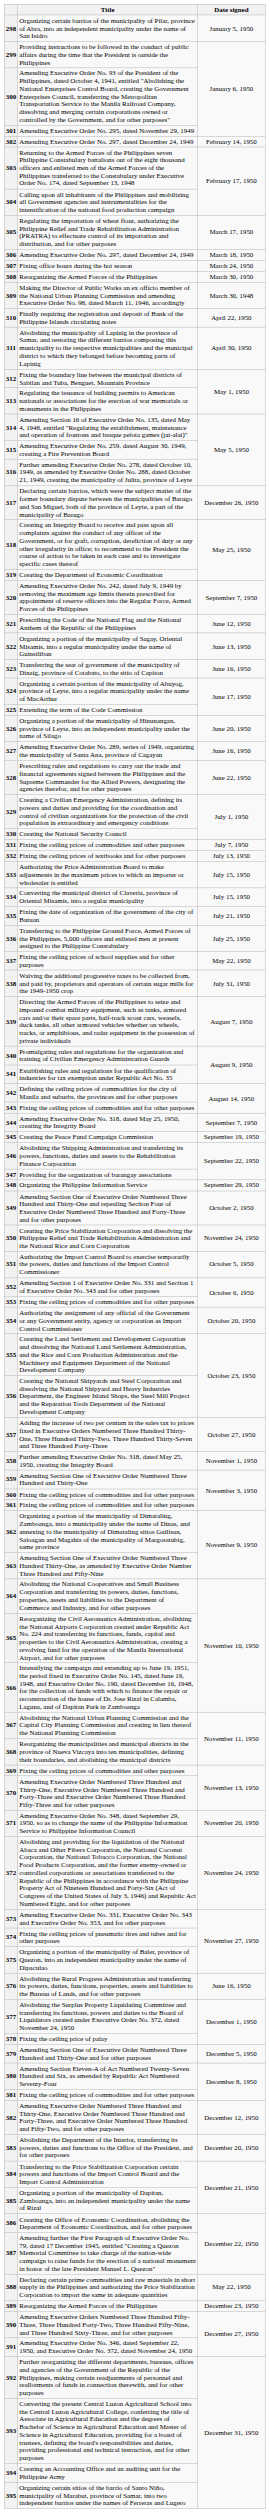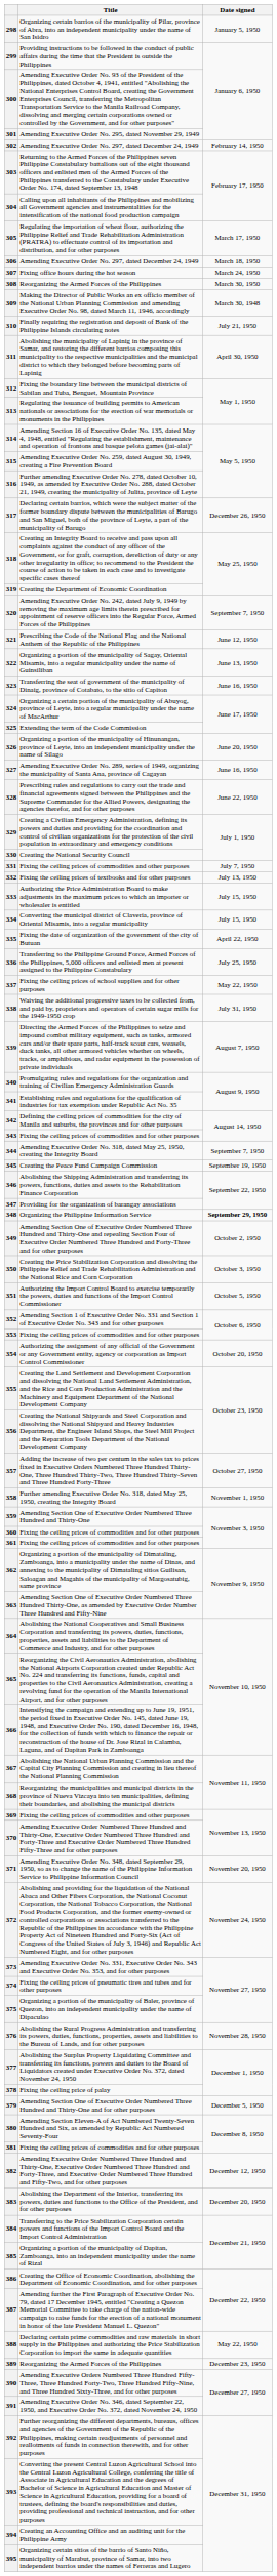 <table class="wikitable sortable" style="text-align:center;">
 <tr>
 <th scope="col"></th>
 <th scope="col">Title</th>
 <th scope="col" width="150px">Date signed</th>
 </tr>
 <tr>
 <th scope="row">298</th>
 <td style="text-align:left;">Organizing certain barrios of the municipality of Pilar, province of Abra, into an independent municipality under the name of San Isidro</td>
 <td>January 5, 1950</td>
 </tr>
 <tr>
 <th scope="row">299</th>
 <td style="text-align:left;">Providing instructions to be followed in the conduct of public affairs during the time that the President is outside the Philippines</td>
 <td rowspan="3">January 6, 1950</td>
 </tr>
 <tr>
 <th scope="row">300</th>
 <td style="text-align:left;">Amending Executive Order No. 93 of the President of the Philippines, dated October 4, 1941, entitled "Abolishing the National Enterprises Control Board, creating the Government Enterprises Council, transferring the Metropolitan Transportation Service to the Manila Railroad Company, dissolving and merging certain corporations owned or controlled by the Government, and for other purposes"</td>
 </tr>
 <tr>
 <th scope="row">301</th>
 <td style="text-align:left;">Amending Executive Order No. 295, dated November 29, 1949</td>
 </tr>
 <tr>
 <th scope="row">302</th>
 <td style="text-align:left;">Amending Executive Order No. 297, dated December 24, 1949</td>
 <td>February 14, 1950</td>
 </tr>
 <tr>
 <th scope="row">303</th>
 <td style="text-align:left;">Returning to the Armed Forces of the Philippines seven Philippine Constabulary battalions out of the eight thousand officers and enlisted men of the Armed Forces of the Philippines transferred to the Constabulary under Executive Order No. 174, dated September 13, 1948</td>
 <td rowspan="2">February 17, 1950</td>
 </tr>
 <tr>
 <th scope="row">304</th>
 <td style="text-align:left;">Calling upon all inhabitants of the Philippines and mobilizing all Government agencies and instrumentalities for the intensification of the national food production campaign</td>
 </tr>
 <tr>
 <th scope="row">305</th>
 <td style="text-align:left;">Regulating the importation of wheat flour, authorizing the Philippine Relief and Trade Rehabilitation Administration (PRATRA) to effectuate control of its importation and distribution, and for other purposes</td>
 <td>March 17, 1950</td>
 </tr>
 <tr>
 <th scope="row">306</th>
 <td style="text-align:left;">Amending Executive Order No. 297, dated December 24, 1949</td>
 <td>March 18, 1950</td>
 </tr>
 <tr>
 <th scope="row">307</th>
 <td style="text-align:left;">Fixing office hours during the hot season</td>
 <td>March 24, 1950</td>
 </tr>
 <tr>
 <th scope="row">308</th>
 <td style="text-align:left;">Reorganizing the Armed Forces of the Philippines</td>
 <td>March 30, 1950</td>
 </tr>
 <tr>
 <th scope="row">309</th>
 <td style="text-align:left;">Making the Director of Public Works an ex officio member of the National Urban Planning Commission and amending Executive Order No. 98, dated March 11, 1946, accordingly</td>
 <td>March 30, 1948</td>
 </tr>
 <tr>
 <th scope="row">310</th>
 <td style="text-align:left;">Finally requiring the registration and deposit of Bank of the Philippine Islands circulating notes</td>
-<td>April 22, 1950</td>
+<td>July 21, 1950</td>
 </tr>
 <tr>
 <th scope="row">311</th>
 <td style="text-align:left;">Abolishing the municipality of Lapinig in the province of Samar, and restoring the different barrios composing this municipality to the respective municipalities and the municipal district to which they belonged before becoming parts of Lapinig</td>
 <td>April 30, 1950</td>
 </tr>
 <tr>
 <th scope="row">312</th>
 <td style="text-align:left;">Fixing the boundary line between the municipal districts of Sabilan and Tuba, Benguet, Mountain Province</td>
 <td rowspan="2">May 1, 1950</td>
 </tr>
 <tr>
 <th scope="row">313</th>
 <td style="text-align:left;">Regulating the issuance of building permits to American nationals or associations for the erection of war memorials or monuments in the Philippines</td>
 </tr>
 <tr>
 <th scope="row">314</th>
 <td style="text-align:left;">Amending Section 16 of Executive Order No. 135, dated May 4, 1948, entitled "Regulating the establishment, maintenance and operation of frontons and basque pelota games (jai-alai)"</td>
 <td rowspan="3">May 5, 1950</td>
 </tr>
 <tr>
 <th scope="row">315</th>
 <td style="text-align:left;">Amending Executive Order No. 259, dated August 30, 1949, creating a Fire Prevention Board</td>
 </tr>
 <tr>
 <th scope="row">316</th>
 <td style="text-align:left;">Further amending Executive Order No. 278, dated October 10, 1949, as amended by Executive Order No. 288, dated October 21, 1949, creating the municipality of Julita, province of Leyte</td>
 </tr>
 <tr>
 <th scope="row">317</th>
 <td style="text-align:left;">Declaring certain barrios, which were the subject matter of the former boundary dispute between the municipalities of Barugo and San Miguel, both of the province of Leyte, a part of the municipality of Barugo</td>
 <td>December 26, 1950</td>
 </tr>
 <tr>
 <th scope="row">318</th>
 <td style="text-align:left;">Creating an Integrity Board to receive and pass upon all complaints against the conduct of any officer of the Government, or for graft, corruption, dereliction of duty or any other irregularity in office; to recommend to the President the course of action to be taken in each case and to investigate specific cases thereof</td>
 <td rowspan="2">May 25, 1950</td>
 </tr>
 <tr>
 <th scope="row">319</th>
 <td style="text-align:left;">Creating the Department of Economic Coordination</td>
 </tr>
 <tr>
 <th scope="row">320</th>
 <td style="text-align:left;">Amending Executive Order No. 242, dated July 9, 1949 by removing the maximum age limits therein prescribed for appointment of reserve officers into the Regular Force, Armed Forces of the Philippines</td>
 <td>September 7, 1950</td>
 </tr>
 <tr>
 <th scope="row">321</th>
 <td style="text-align:left;">Prescribing the Code of the National Flag and the National Anthem of the Republic of the Philippines</td>
 <td>June 12, 1950</td>
 </tr>
 <tr>
 <th scope="row">322</th>
 <td style="text-align:left;">Organizing a portion of the municipality of Sagay, Oriental Misamis, into a regular municipality under the name of Guinsiliban</td>
 <td>June 13, 1950</td>
 </tr>
 <tr>
 <th scope="row">323</th>
 <td style="text-align:left;">Transferring the seat of government of the municipality of Dinaig, province of Cotabato, to the sitio of Capiton</td>
 <td>June 16, 1950</td>
 </tr>
 <tr>
 <th scope="row">324</th>
 <td style="text-align:left;">Organizing a certain portion of the municipality of Abuyog, province of Leyte, into a regular municipality under the name of MacArthur</td>
 <td rowspan="2">June 17, 1950</td>
 </tr>
 <tr>
 <th scope="row">325</th>
 <td style="text-align:left;">Extending the term of the Code Commission</td>
 </tr>
 <tr>
 <th scope="row">326</th>
 <td style="text-align:left;">Organizing a portion of the municipality of Hinunangan, province of Leyte, into an independent municipality under the name of Silago</td>
 <td>June 20, 1950</td>
 </tr>
 <tr>
 <th scope="row">327</th>
 <td style="text-align:left;">Amending Executive Order No. 289, series of 1949, organizing the municipality of Santa Ana, province of Cagayan</td>
 <td>June 16, 1950</td>
 </tr>
 <tr>
 <th scope="row">328</th>
 <td style="text-align:left;">Prescribing rules and regulations to carry out the trade and financial agreements signed between the Philippines and the Supreme Commander for the Allied Powers, designating the agencies therefor, and for other purposes</td>
 <td>June 22, 1950</td>
 </tr>
 <tr>
 <th scope="row">329</th>
 <td style="text-align:left;">Creating a Civilian Emergency Administration, defining its powers and duties and providing for the coordination and control of civilian organizations for the protection of the civil population in extraordinary and emergency conditions</td>
 <td rowspan="2">July 1, 1950</td>
 </tr>
 <tr>
 <th scope="row">330</th>
 <td style="text-align:left;">Creating the National Security Council</td>
 </tr>
 <tr>
 <th scope="row">331</th>
 <td style="text-align:left;">Fixing the ceiling prices of commodities and other purposes</td>
 <td>July 7, 1950</td>
 </tr>
 <tr>
 <th scope="row">332</th>
 <td style="text-align:left;">Fixing the ceiling prices of textbooks and for other purposes</td>
 <td>July 13, 1950</td>
 </tr>
 <tr>
 <th scope="row">333</th>
 <td style="text-align:left;">Authorizing the Price Administration Board to make adjustments in the maximum prices to which an importer or wholesaler is entitled</td>
 <td>July 15, 1950</td>
 </tr>
 <tr>
 <th scope="row">334</th>
 <td style="text-align:left;">Converting the municipal district of Claveria, province of Oriental Misamis, into a regular municipality</td>
 <td>July 15, 1950</td>
 </tr>
 <tr>
 <th scope="row">335</th>
 <td style="text-align:left;">Fixing the date of organization of the government of the city of Butuan</td>
-<td>July 21, 1950</td>
+<td>April 22, 1950</td>
 </tr>
 <tr>
 <th scope="row">336</th>
 <td style="text-align:left;">Transferring to the Philippine Ground Force, Armed Forces of the Philippines, 5,000 officers and enlisted men at present assigned to the Philippine Constabulary</td>
 <td>July 25, 1950</td>
 </tr>
 <tr>
 <th scope="row">337</th>
 <td style="text-align:left;">Fixing the ceiling prices of school supplies and for other purposes</td>
 <td>May 22, 1950</td>
 </tr>
 <tr>
 <th scope="row">338</th>
 <td style="text-align:left;">Waiving the additional progressive taxes to be collected from, and paid by, proprietors and operators of certain sugar mills for the 1949-1950 crop</td>
 <td>July 31, 1950</td>
 </tr>
 <tr>
 <th scope="row">339</th>
 <td style="text-align:left;">Directing the Armed Forces of the Philippines to seize and impound combat military equipment, such as tanks, armored cars and/or their spare parts, half-track scout cars, weasels, duck tanks, all other armored vehicles whether on wheels, tracks, or amphibious, and radar equipment in the possession of private individuals</td>
 <td>August 7, 1950</td>
 </tr>
 <tr>
 <th scope="row">340</th>
 <td style="text-align:left;">Promulgating rules and regulations for the organization and training of Civilian Emergency Administration Guards</td>
 <td rowspan="2">August 9, 1950</td>
 </tr>
 <tr>
 <th scope="row">341</th>
 <td style="text-align:left;">Establishing rules and regulations for the qualification of industries for tax exemption under Republic Act No. 35</td>
 </tr>
 <tr>
 <th scope="row">342</th>
 <td style="text-align:left;">Defining the ceiling prices of commodities for the city of Manila and suburbs, the provinces and for other purposes</td>
 <td rowspan="2">August 14, 1950</td>
 </tr>
 <tr>
 <th scope="row">343</th>
 <td style="text-align:left;">Fixing the ceiling prices of commodities and for other purposes</td>
 </tr>
 <tr>
 <th scope="row">344</th>
 <td style="text-align:left;">Amending Executive Order No. 318, dated May 25, 1950, creating the Integrity Board</td>
 <td>September 7, 1950</td>
 </tr>
 <tr>
 <th scope="row">345</th>
 <td style="text-align:left;">Creating the Peace Fund Campaign Commission</td>
 <td>September 19, 1950</td>
 </tr>
 <tr>
 <th scope="row">346</th>
 <td style="text-align:left;">Abolishing the Shipping Administration and transferring its powers, functions, duties and assets to the Rehabilitation Finance Corporation</td>
 <td rowspan="2">September 22, 1950</td>
 </tr>
 <tr>
 <th scope="row">347</th>
 <td style="text-align:left;">Providing for the organization of barangay associations</td>
 </tr>
 <tr>
 <th scope="row">348</th>
 <td style="text-align:left;">Organizing the Philippine Information Service</td>
-<td>September 29, 1950</td>
+<td><strong>September 29, 1950</strong></td>
 </tr>
 <tr>
 <th scope="row">349</th>
 <td style="text-align:left;">Amending Section One of Executive Order Numbered Three Hundred and Thirty-One and repealing Section Four of Executive Order Numbered Three Hundred and Forty-Three and for other purposes</td>
 <td>October 2, 1950</td>
 </tr>
 <tr>
 <th scope="row">350</th>
 <td style="text-align:left;">Creating the Price Stabilization Corporation and dissolving the Philippine Relief and Trade Rehabilitation Administration and the National Rice and Corn Corporation</td>
-<td>November 24, 1950</td>
+<td>October 3, 1950</td>
 </tr>
 <tr>
 <th scope="row">351</th>
 <td style="text-align:left;">Authorizing the Import Control Board to exercise temporarily the powers, duties and functions of the Import Control Commissioner</td>
 <td>October 5, 1950</td>
 </tr>
 <tr>
 <th scope="row">352</th>
 <td style="text-align:left;">Amending Section 1 of Executive Order No. 331 and Section 1 of Executive Order No. 343 and for other purposes</td>
 <td rowspan="2">October 6, 1950</td>
 </tr>
 <tr>
 <th scope="row">353</th>
 <td style="text-align:left;">Fixing the ceiling prices of commodities and for other purposes</td>
 </tr>
 <tr>
 <th scope="row">354</th>
 <td style="text-align:left;">Authorizing the assignment of any official of the Government or any Government entity, agency or corporation as Import Control Commissioner</td>
 <td>October 20, 1950</td>
 </tr>
 <tr>
 <th scope="row">355</th>
 <td style="text-align:left;">Creating the Land Settlement and Development Corporation and dissolving the National Land Settlement Administration, and the Rice and Corn Production Administration and the Machinery and Equipment Department of the National Development Company</td>
 <td rowspan="2">October 23, 1950</td>
 </tr>
 <tr>
 <th scope="row">356</th>
 <td style="text-align:left;">Creating the National Shipyards and Steel Corporation and dissolving the National Shipyard and Heavy Industries Department, the Engineer Island Shops, the Steel Mill Project and the Reparation Tools Department of the National Development Company</td>
 </tr>
 <tr>
 <th scope="row">357</th>
 <td style="text-align:left;">Adding the increase of two per centum in the sales tax to prices fixed in Executive Orders Numbered Three Hundred Thirty-One, Three Hundred Thirty-Two, Three Hundred Thirty-Seven and Three Hundred Forty-Three</td>
 <td>October 27, 1950</td>
 </tr>
 <tr>
 <th scope="row">358</th>
 <td style="text-align:left;">Further amending Executive Order No. 318, dated May 25, 1950, creating the Integrity Board</td>
 <td>November 1, 1950</td>
 </tr>
 <tr>
 <th scope="row">359</th>
 <td style="text-align:left;">Amending Section One of Executive Order Numbered Three Hundred and Thirty-One</td>
 <td rowspan="3">November 3, 1950</td>
 </tr>
 <tr>
 <th scope="row">360</th>
 <td style="text-align:left;">Fixing the ceiling prices of commodities and for other purposes</td>
 </tr>
 <tr>
 <th scope="row">361</th>
 <td style="text-align:left;">Fixing the ceiling prices of commodities and for other purposes</td>
 </tr>
 <tr>
 <th scope="row">362</th>
 <td style="text-align:left;">Organizing a portion of the municipality of Dimataling, Zamboanga, into a municipality under the name of Dinas, and annexing to the municipality of Dimataling sitios Guilisan, Saloagan and Magahis of the municipality of Margosatubig, same province</td>
 <td rowspan="2">November 9, 1950</td>
 </tr>
 <tr>
 <th scope="row">363</th>
 <td style="text-align:left;">Amending Section One of Executive Order Numbered Three Hundred Thirty-One, as amended by Executive Order Number Three Hundred and Fifty-Nine</td>
 </tr>
 <tr>
 <th scope="row">364</th>
 <td style="text-align:left;">Abolishing the National Cooperatives and Small Business Corporation and transferring its powers, duties, functions, properties, assets and liabilities to the Department of Commerce and Industry, and for other purposes</td>
 <td rowspan="3">November 10, 1950</td>
 </tr>
 <tr>
 <th scope="row">365</th>
 <td style="text-align:left;">Reorganizing the Civil Aeronautics Administration, abolishing the National Airports Corporation created under Republic Act No. 224 and transferring its functions, funds, capital and properties to the Civil Aeronautics Administration, creating a revolving fund for the operation of the Manila International Airport, and for other purposes</td>
 </tr>
 <tr>
 <th scope="row">366</th>
 <td style="text-align:left;">Intensifying the campaign and extending up to June 19, 1951, the period fixed in Executive Order No. 145, dated June 19, 1948, and Executive Order No. 190, dated December 16, 1948, for the collection of funds with which to finance the repair or reconstruction of the house of Dr. Jose Rizal in Calamba, Laguna, and of Dapitan Park in Zamboanga</td>
 </tr>
 <tr>
 <th scope="row">367</th>
 <td style="text-align:left;">Abolishing the National Urban Planning Commission and the Capital City Planning Commission and creating in lieu thereof the National Planning Commission</td>
 <td rowspan="2">November 11, 1950</td>
 </tr>
 <tr>
 <th scope="row">368</th>
 <td style="text-align:left;">Reorganizing the municipalities and municipal districts in the province of Nueva Vizcaya into ten municipalities, defining their boundaries, and abolishing the municipal districts</td>
 </tr>
 <tr>
 <th scope="row">369</th>
 <td style="text-align:left;">Fixing the ceiling prices of commodities and other purposes</td>
 <td rowspan="2">November 13, 1950</td>
 </tr>
 <tr>
 <th scope="row">370</th>
 <td style="text-align:left;">Amending Executive Order Numbered Three Hundred and Thirty-One, Executive Order Numbered Three Hundred and Forty-Three and Executive Order Numbered Three Hundred Fifty-Three and for other purposes</td>
 </tr>
 <tr>
 <th scope="row">371</th>
 <td style="text-align:left;">Amending Executive Order No. 348, dated September 29, 1950, so as to change the name of the Philippine Information Service to Philippine Information Council</td>
 <td>November 20, 1950</td>
 </tr>
 <tr>
 <th scope="row">372</th>
 <td style="text-align:left;">Abolishing and providing for the liquidation of the National Abaca and Other Fibers Corporation, the National Coconut Corporation, the National Tobacco Corporation, the National Food Products Corporation, and the former enemy-owned or controlled corporations or associations transferred to the Republic of the Philippines in accordance with the Philippine Property Act of Nineteen Hundred and Forty-Six (Act of Congress of the United States of July 3, 1946) and Republic Act Numbered Eight, and for other purposes</td>
 <td>November 24, 1950</td>
 </tr>
 <tr>
 <th scope="row">373</th>
 <td style="text-align:left;">Amending Executive Order No. 331, Executive Order No. 343 and Executive Order No. 353, and for other purposes</td>
 <td rowspan="3">November 27, 1950</td>
 </tr>
 <tr>
 <th scope="row">374</th>
 <td style="text-align:left;">Fixing the ceiling prices of pneumatic tires and tubes and for other purposes</td>
 </tr>
 <tr>
 <th scope="row">375</th>
 <td style="text-align:left;">Organizing a portion of the municipality of Baler, province of Quezon, into an independent municipality under the name of Dipaculao</td>
 </tr>
 <tr>
 <th scope="row">376</th>
 <td style="text-align:left;">Abolishing the Rural Progress Administration and transferring its powers, duties, functions, properties, assets and liabilities to the Bureau of Lands, and for other purposes</td>
-<td>June 16, 1950</td>
+<td>November 28, 1950</td>
 </tr>
 <tr>
 <th scope="row">377</th>
 <td style="text-align:left;">Abolishing the Surplus Property Liquidating Committee and transferring its functions, powers and duties to the Board of Liquidators created under Executive Order No. 372, dated November 24, 1950</td>
 <td rowspan="2">December 1, 1950</td>
 </tr>
 <tr>
 <th scope="row">378</th>
 <td style="text-align:left;">Fixing the ceiling price of palay</td>
 </tr>
 <tr>
 <th scope="row">379</th>
 <td style="text-align:left;">Amending Section One of Executive Order Numbered Three Hundred and Thirty-One and for other purposes</td>
 <td>December 5, 1950</td>
 </tr>
 <tr>
 <th scope="row">380</th>
 <td style="text-align:left;">Amending Section Eleven-A of Act Numbered Twenty-Seven Hundred and Six, as amended by Republic Act Numbered Seventy-Four</td>
 <td rowspan="2">December 8, 1950</td>
 </tr>
 <tr>
 <th scope="row">381</th>
 <td style="text-align:left;">Fixing the ceiling prices of commodities and for other purposes</td>
 </tr>
 <tr>
 <th scope="row">382</th>
 <td style="text-align:left;">Amending Executive Order Numbered Three Hundred and Thirty-One, Executive Order Numbered Three Hundred and Forty-Three, and Executive Order Numbered Three Hundred and Fifty-Two, and for other purposes</td>
 <td>December 12, 1950</td>
 </tr>
 <tr>
 <th scope="row">383</th>
 <td style="text-align:left;">Abolishing the Department of the Interior, transferring its powers, duties and functions to the Office of the President, and for other purposes</td>
 <td>December 20, 1950</td>
 </tr>
 <tr>
 <th scope="row">384</th>
 <td style="text-align:left;">Transferring to the Price Stabilization Corporation certain powers and functions of the Import Control Board and the Import Control Administration</td>
 <td rowspan="2">December 21, 1950</td>
 </tr>
 <tr>
 <th scope="row">385</th>
 <td style="text-align:left;">Organizing a portion of the municipality of Dapitan, Zamboanga, into an independent municipality under the name of Rizal</td>
 </tr>
 <tr>
 <th scope="row">386</th>
 <td style="text-align:left;">Creating the Office of Economic Coordination, abolishing the Department of Economic Coordination, and for other purposes</td>
 <td rowspan="2">December 22, 1950</td>
 </tr>
 <tr>
 <th scope="row">387</th>
 <td style="text-align:left;">Amending further the First Paragraph of Executive Order No. 79, dated 17 December 1945, entitled "Creating a Quezon Memorial Committee to take charge of the nation-wide campaign to raise funds for the erection of a national monument in honor of the late President Manuel L. Quezon"</td>
 </tr>
 <tr>
 <th scope="row">388</th>
 <td style="text-align:left;">Declaring certain prime commodities and raw materials in short supply in the Philippines and authorizing the Price Stabilization Corporation to import the same in adequate quantities</td>
 <td>May 22, 1950</td>
 </tr>
 <tr>
 <th scope="row">389</th>
 <td style="text-align:left;">Reorganizing the Armed Forces of the Philippines</td>
 <td>December 23, 1950</td>
 </tr>
 <tr>
 <th scope="row">390</th>
 <td style="text-align:left;">Amending Executive Orders Numbered Three Hundred Fifty-Three, Three Hundred Forty-Two, Three Hundred Fifty-Nine, and Three Hundred Sixty-Three, and for other purposes</td>
 <td rowspan="2">December 27, 1950</td>
 </tr>
 <tr>
 <th scope="row">391</th>
 <td style="text-align:left;">Amending Executive Order No. 346, dated September 22, 1950, and Executive Order No. 372, dated November 24, 1950</td>
 </tr>
 <tr>
 <th scope="row">392</th>
 <td style="text-align:left;">Further reorganizing the different departments, bureaus, offices and agencies of the Government of the Republic of the Philippines, making certain readjustments of personnel and reallotments of funds in connection therewith, and for other purposes</td>
 <td rowspan="4">December 31, 1950</td>
 </tr>
 <tr>
 <th scope="row">393</th>
 <td style="text-align:left;">Converting the present Central Luzon Agricultural School into the Central Luzon Agricultural College, conferring the title of Associate in Agricultural Education and the degrees of Bachelor of Science in Agricultural Education and Master of Science in Agricultural Education, providing for a board of trustees, defining the board's responsibilities and duties, providing professional and technical instruction, and for other purposes</td>
 </tr>
 <tr>
 <th scope="row">394</th>
 <td style="text-align:left;">Creating an Accounting Office and an auditing unit for the Philippine Army</td>
 </tr>
 <tr>
 <th scope="row">395</th>
 <td style="text-align:left;">Organizing certain sitios of the barrio of Santo Niño, municipality of Marabut, province of Samar, into two independent barrios under the names of Ferreras and Lugero</td>
 </tr>
 </table>
